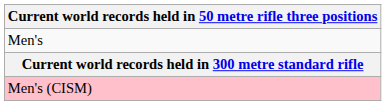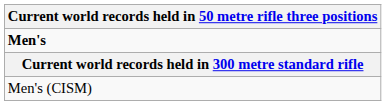 <table class="wikitable" style="font-size: 95%">
 <tr>
 <th colspan=7>Current world records held in <a href='#'>50 metre rifle three positions</a></th>
 </tr>
 <tr>
-<td>Men's<br></td>
+<td><strong>Men's<br></strong></td>
 </tr>
 <tr>
 <th colspan=7>Current world records held in <a href='#'>300 metre standard rifle</a></th>
 </tr>
 <tr>
-<td style="background: pink;">Men's (CISM)<br></td>
+<td>Men's (CISM)<br></td>
 </tr>
 </table>
